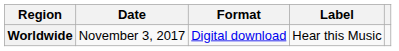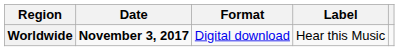 <table class="wikitable plainrowheaders">
 <tr>
 <th scope="col">Region</th>
 <th scope="col">Date</th>
 <th scope="col">Format</th>
 <th scope="col">Label</th>
 <th scope="col"></th>
 </tr>
 <tr>
 <th scope="row" rowspan="1">Worldwide</th>
-<td>November 3, 2017</td>
+<td><strong>November 3, 2017</strong></td>
 <td><a href='#'>Digital download</a></td>
 <td rowspan="3">Hear this Music</td>
 <td></td>
 </tr>
 </table>
